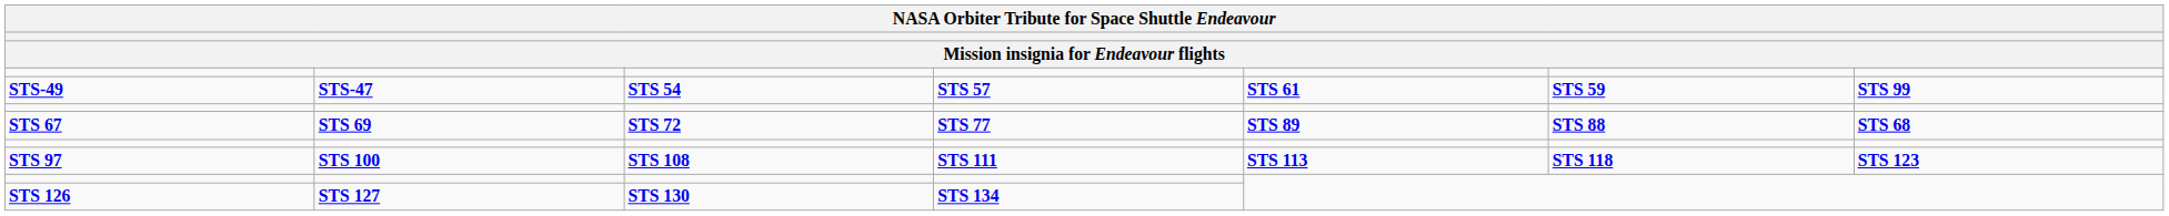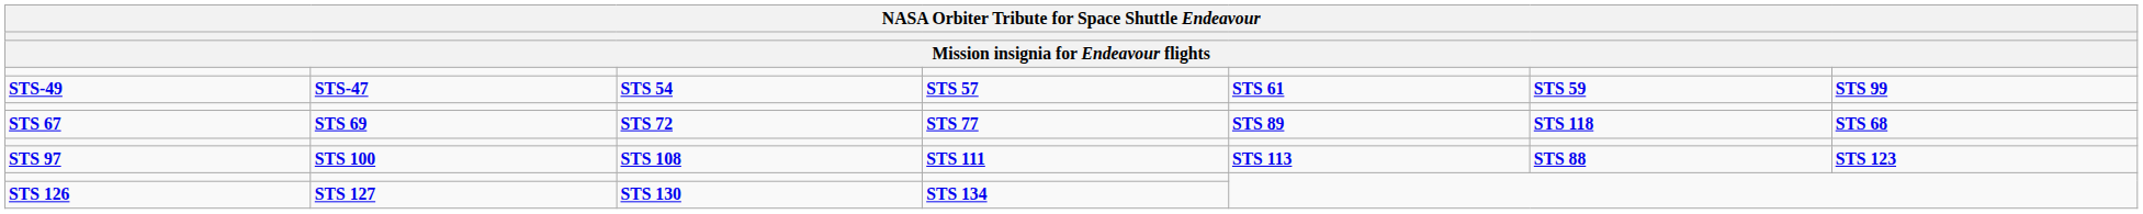 <table class="wikitable" align=" center" style="margin: auto; width:100%">
 <tr>
 <th colspan="8">NASA Orbiter Tribute for Space Shuttle <em>Endeavour</em></th>
 </tr>
 <tr>
 <th colspan="8"><div></div></th>
 </tr>
 <tr>
 <th colspan="8">Mission insignia for <em>Endeavour</em> flights</th>
 </tr>
 <tr>
 <td><div></div></td>
 <td><div></div></td>
 <td><div></div></td>
 <td><div></div></td>
 <td><div></div></td>
 <td><div></div></td>
 <td><div></div></td>
 </tr>
 <tr>
 <td><div><strong><a href='#'>STS-49</a></strong></div></td>
 <td><div><strong><a href='#'>STS-47</a></strong></div></td>
 <td><div><strong><a href='#'>STS 54</a></strong></div></td>
 <td><div><strong><a href='#'>STS 57</a></strong></div></td>
 <td><div><strong><a href='#'>STS 61</a></strong></div></td>
 <td><div><strong><a href='#'>STS 59</a></strong></div></td>
 <td><div><strong><a href='#'>STS 99</a></strong></div></td>
 </tr>
 <tr>
 <td><div></div></td>
 <td><div></div></td>
 <td><div></div></td>
 <td><div></div></td>
 <td><div></div></td>
 <td><div></div></td>
 <td><div></div></td>
 </tr>
 <tr>
 <td><div><strong><a href='#'>STS 67</a></strong></div></td>
 <td><div><strong><a href='#'>STS 69</a></strong></div></td>
 <td><div><strong><a href='#'>STS 72</a></strong></div></td>
 <td><div><strong><a href='#'>STS 77</a></strong></div></td>
 <td><div><strong><a href='#'>STS 89</a></strong></div></td>
-<td><div><strong><a href='#'>STS 88</a></strong></div></td>
+<td><div><strong><a href='#'>STS 118</a></strong></div></td>
 <td><div><strong><a href='#'>STS 68</a></strong></div></td>
 </tr>
 <tr>
 <td><div></div></td>
 <td><div></div></td>
 <td><div></div></td>
 <td><div></div></td>
 <td><div></div></td>
 <td><div></div></td>
 <td><div></div></td>
 </tr>
 <tr>
 <td><div><strong><a href='#'>STS 97</a></strong></div></td>
 <td><div><strong><a href='#'>STS 100</a></strong></div></td>
 <td><div><strong><a href='#'>STS 108</a></strong></div></td>
 <td><div><strong><a href='#'>STS 111</a></strong></div></td>
 <td><div><strong><a href='#'>STS 113</a></strong></div></td>
-<td><div><strong><a href='#'>STS 118</a></strong></div></td>
+<td><div><strong><a href='#'>STS 88</a></strong></div></td>
 <td><div><strong><a href='#'>STS 123</a></strong></div></td>
 </tr>
 <tr>
 <td><div></div></td>
 <td><div></div></td>
 <td><div></div></td>
 <td><div></div></td>
 </tr>
 <tr>
 <td><div><strong><a href='#'>STS 126</a></strong></div></td>
 <td><div><strong><a href='#'>STS 127</a></strong></div></td>
 <td><div><strong><a href='#'>STS 130</a></strong></div></td>
 <td><div><strong><a href='#'>STS 134</a></strong></div></td>
 </tr>
 </table>
